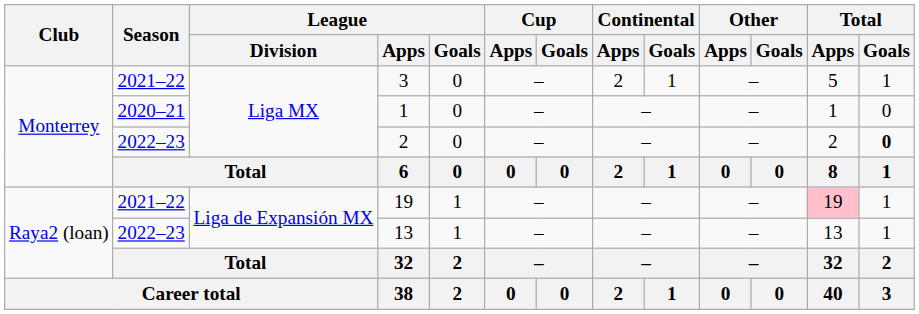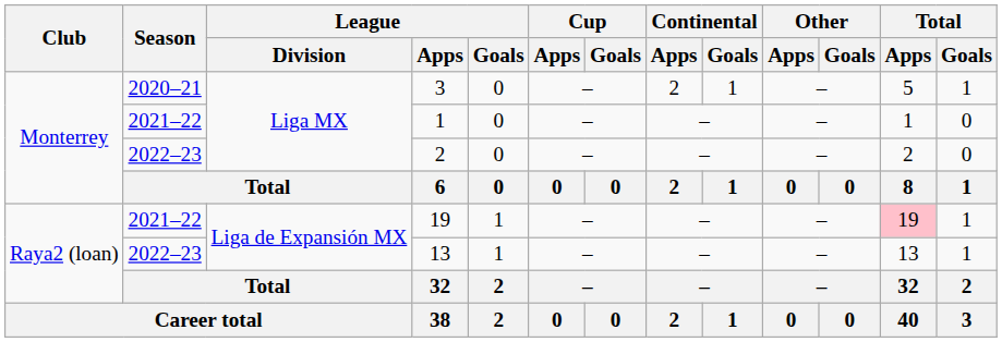 <table class="wikitable" style="text-align: center">
 <tr>
 <th rowspan="2">Club</th>
 <th rowspan="2">Season</th>
 <th colspan="3">League</th>
 <th colspan="2">Cup</th>
 <th colspan="2">Continental</th>
 <th colspan="2">Other</th>
 <th colspan="2">Total</th>
 </tr>
 <tr>
 <th>Division</th>
 <th>Apps</th>
 <th>Goals</th>
 <th>Apps</th>
 <th>Goals</th>
 <th>Apps</th>
 <th>Goals</th>
 <th>Apps</th>
 <th>Goals</th>
 <th>Apps</th>
 <th>Goals</th>
 </tr>
 <tr>
 <td rowspan="4"><a href='#'>Monterrey</a></td>
-<td><a href='#'>2021–22</a></td>
+<td><a href='#'>2020–21</a></td>
 <td rowspan="3"><a href='#'>Liga MX</a></td>
 <td>3</td>
 <td>0</td>
 <td colspan="2">–</td>
 <td>2</td>
 <td>1</td>
 <td colspan="2">–</td>
 <td>5</td>
 <td>1</td>
 </tr>
 <tr>
-<td><a href='#'>2020–21</a></td>
+<td><a href='#'>2021–22</a></td>
 <td>1</td>
 <td>0</td>
 <td colspan="2">–</td>
 <td colspan="2">–</td>
 <td colspan="2">–</td>
 <td>1</td>
 <td>0</td>
 </tr>
 <tr>
 <td><a href='#'>2022–23</a></td>
 <td>2</td>
 <td>0</td>
 <td colspan="2">–</td>
 <td colspan="2">–</td>
 <td colspan="2">–</td>
 <td>2</td>
-<td><strong>0</strong></td>
+<td>0</td>
 </tr>
 <tr>
 <th colspan="2">Total</th>
 <th>6</th>
 <th>0</th>
 <th>0</th>
 <th>0</th>
 <th>2</th>
 <th>1</th>
 <th>0</th>
 <th>0</th>
 <th>8</th>
 <th>1</th>
 </tr>
 <tr>
 <td rowspan="3"><a href='#'>Raya2</a> (loan)</td>
 <td><a href='#'>2021–22</a></td>
 <td rowspan="2"><a href='#'>Liga de Expansión MX</a></td>
 <td>19</td>
 <td>1</td>
 <td colspan="2">–</td>
 <td colspan="2">–</td>
 <td colspan="2">–</td>
 <td style="background: pink;">19</td>
 <td>1</td>
 </tr>
 <tr>
 <td><a href='#'>2022–23</a></td>
 <td>13</td>
 <td>1</td>
 <td colspan="2">–</td>
 <td colspan="2">–</td>
 <td colspan="2">–</td>
 <td>13</td>
 <td>1</td>
 </tr>
 <tr>
 <th colspan="2">Total</th>
 <th>32</th>
 <th>2</th>
 <th colspan="2">–</th>
 <th colspan="2">–</th>
 <th colspan="2">–</th>
 <th>32</th>
 <th>2</th>
 </tr>
 <tr>
 <th colspan=3>Career total</th>
 <th>38</th>
 <th>2</th>
 <th>0</th>
 <th>0</th>
 <th>2</th>
 <th>1</th>
 <th>0</th>
 <th>0</th>
 <th>40</th>
 <th>3</th>
 </tr>
 </table>
